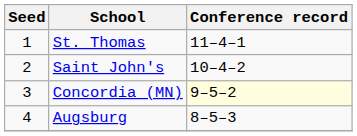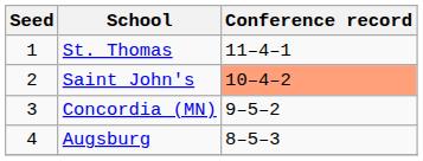 <table class="wikitable">
 <tr>
 <th>Seed</th>
 <th>School</th>
 <th>Conference record</th>
 </tr>
 <tr>
 <td align=center>1</td>
 <td><a href='#'>St. Thomas</a></td>
 <td>11–4–1</td>
 </tr>
 <tr>
 <td align=center>2</td>
 <td><a href='#'>Saint John's</a></td>
-<td>10–4–2</td>
+<td style="background: lightsalmon;">10–4–2</td>
 </tr>
 <tr>
 <td align=center>3</td>
 <td><a href='#'>Concordia (MN)</a></td>
-<td style="background: lightyellow;">9–5–2</td>
+<td>9–5–2</td>
 </tr>
 <tr>
 <td align=center>4</td>
 <td><a href='#'>Augsburg</a></td>
 <td>8–5–3</td>
 </tr>
 <tr>
 </tr>
 </table>
